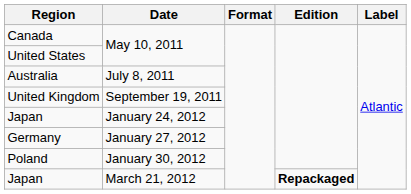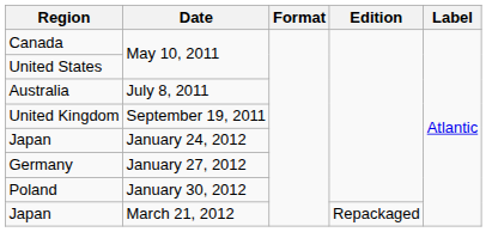 <table class="wikitable">
 <tr>
 <th>Region</th>
 <th>Date</th>
 <th>Format</th>
 <th>Edition</th>
 <th>Label</th>
 </tr>
 <tr>
 <td>Canada</td>
 <td rowspan="2">May 10, 2011</td>
 <td rowspan="8"></td>
 <td rowspan="7"></td>
 <td rowspan="8"><a href='#'>Atlantic</a></td>
 </tr>
 <tr>
 <td>United States</td>
 </tr>
 <tr>
 <td>Australia</td>
 <td>July 8, 2011</td>
 </tr>
 <tr>
 <td>United Kingdom</td>
 <td>September 19, 2011</td>
 </tr>
 <tr>
 <td>Japan</td>
 <td>January 24, 2012</td>
 </tr>
 <tr>
 <td>Germany</td>
 <td>January 27, 2012</td>
 </tr>
 <tr>
 <td>Poland</td>
 <td>January 30, 2012</td>
 </tr>
 <tr>
 <td>Japan</td>
 <td>March 21, 2012</td>
-<td><strong>Repackaged</strong></td>
+<td>Repackaged</td>
 </tr>
 </table>
